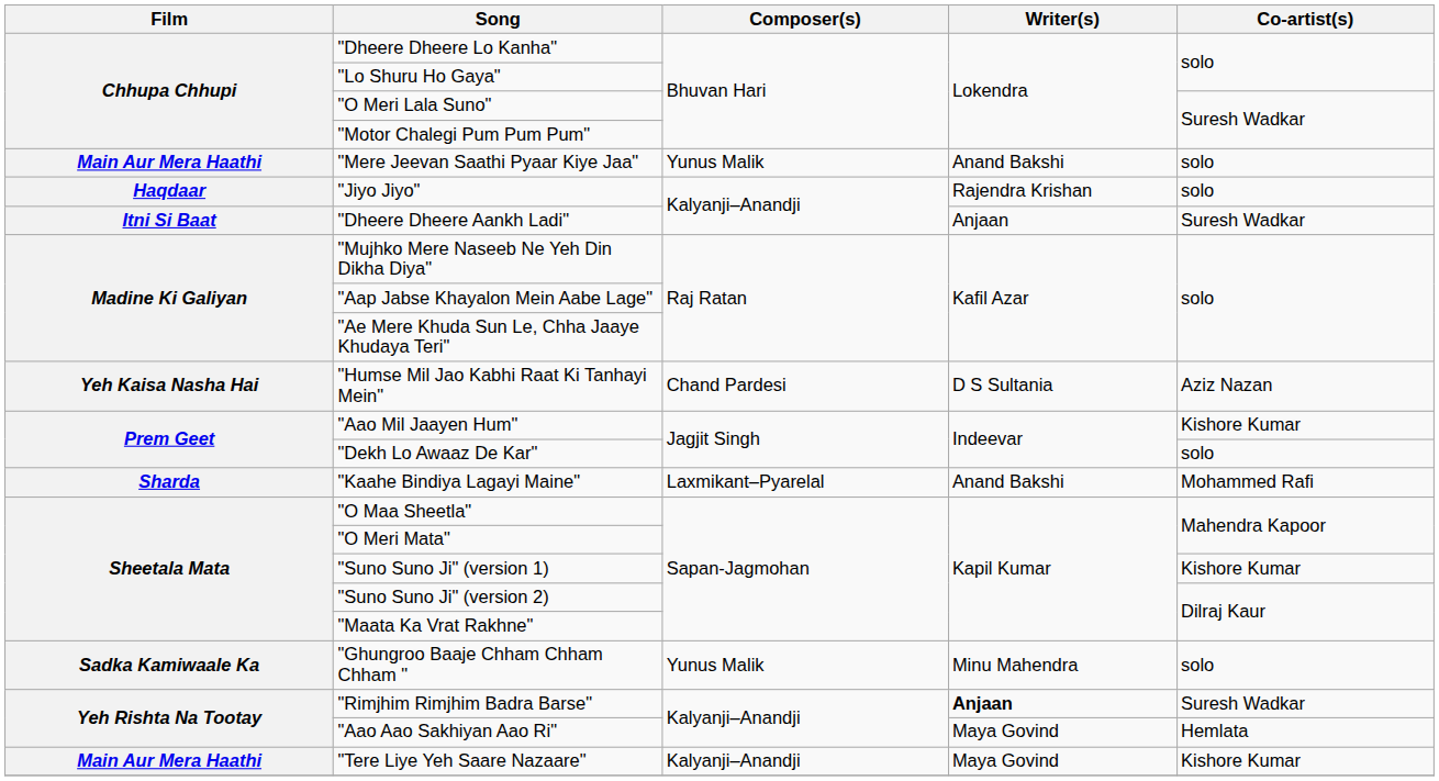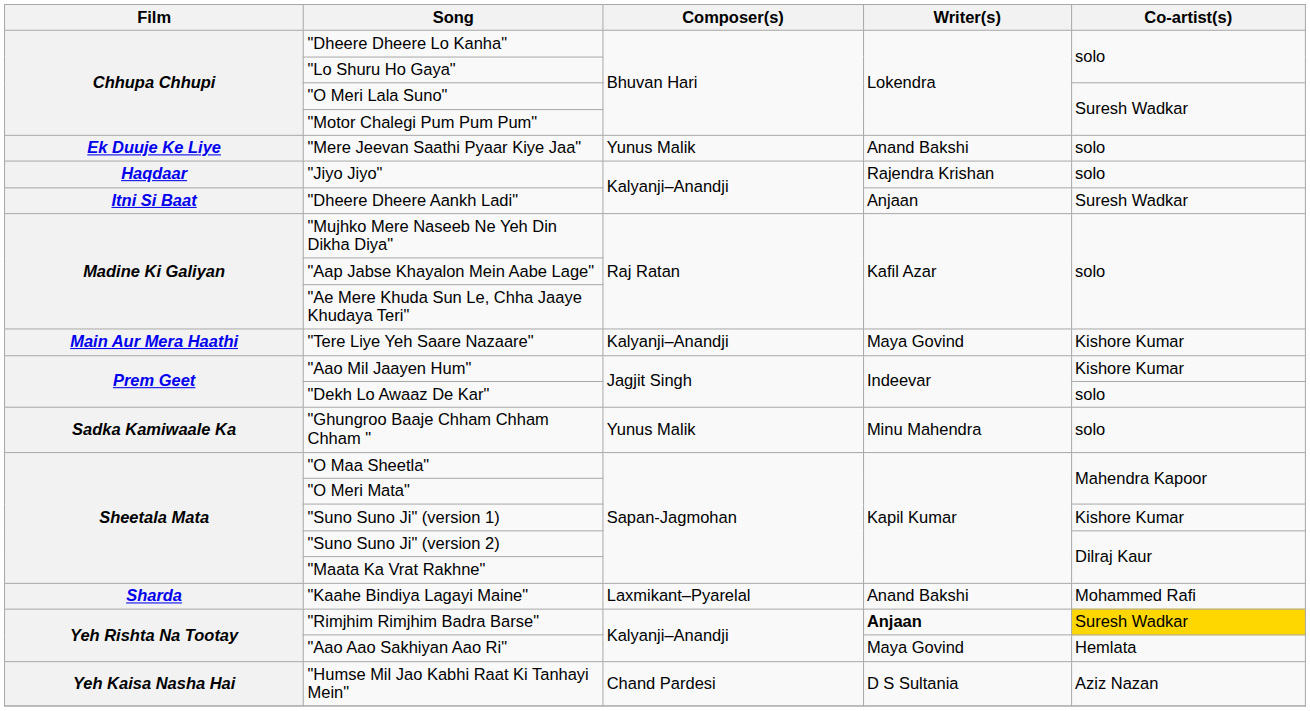 <table class="wikitable plainrowheaders" style="width:100%; textcolor:#000">
 <tr style="background:#b0e0e66;">
 <th scope="col" style="width:23%;"><strong>Film</strong></th>
 <th scope="col" style="width:23%;"><strong>Song</strong></th>
 <th scope="col" style="width:20%;"><strong>Composer(s)</strong></th>
 <th scope="col" style="width:16%;"><strong>Writer(s)</strong></th>
 <th scope="col" style="width:18%;"><strong>Co-artist(s)</strong></th>
 </tr>
 <tr>
 <th Rowspan=4><em>Chhupa Chhupi</em></th>
 <td>"Dheere Dheere Lo Kanha"</td>
 <td rowspan=4>Bhuvan Hari</td>
 <td rowspan=4>Lokendra</td>
 <td rowspan=2>solo</td>
 </tr>
 <tr>
 <td>"Lo Shuru Ho Gaya"</td>
 </tr>
 <tr>
 <td>"O Meri Lala Suno"</td>
 <td Rowspan=2>Suresh Wadkar</td>
 </tr>
 <tr>
 <td>"Motor Chalegi Pum Pum Pum"</td>
 </tr>
 <tr>
-<th><em><a href='#'>Main Aur Mera Haathi</a></em></th>
+<th><em><a href='#'>Ek Duuje Ke Liye</a></em></th>
 <td>"Mere Jeevan Saathi Pyaar Kiye Jaa"</td>
 <td>Yunus Malik</td>
 <td>Anand Bakshi</td>
 <td>solo</td>
 </tr>
 <tr>
 <th><em><a href='#'>Haqdaar</a></em></th>
 <td>"Jiyo Jiyo"</td>
 <td rowspan=2>Kalyanji–Anandji</td>
 <td>Rajendra Krishan</td>
 <td>solo</td>
 </tr>
 <tr>
 <th><em><a href='#'>Itni Si Baat</a></em></th>
 <td>"Dheere Dheere Aankh Ladi"</td>
 <td>Anjaan</td>
 <td>Suresh Wadkar</td>
 </tr>
 <tr>
 <th Rowspan=3><em>Madine Ki Galiyan</em></th>
 <td>"Mujhko Mere Naseeb Ne Yeh Din Dikha Diya"</td>
 <td rowspan=3>Raj Ratan</td>
 <td rowspan=3>Kafil Azar</td>
 <td rowspan=3>solo</td>
 </tr>
 <tr>
 <td>"Aap Jabse Khayalon Mein Aabe Lage"</td>
 </tr>
 <tr>
 <td>"Ae Mere Khuda Sun Le, Chha Jaaye Khudaya Teri"</td>
 </tr>
 <tr>
-<th><em>Yeh Kaisa Nasha Hai</em></th>
-<td>"Humse Mil Jao Kabhi Raat Ki Tanhayi Mein"</td>
-<td>Chand Pardesi</td>
-<td>D S Sultania</td>
-<td>Aziz Nazan</td>
+<th><em><a href='#'>Main Aur Mera Haathi</a></em></th>
+<td>"Tere Liye Yeh Saare Nazaare"</td>
+<td>Kalyanji–Anandji</td>
+<td>Maya Govind</td>
+<td>Kishore Kumar</td>
 </tr>
 <tr>
 <th Rowspan=2><em><a href='#'>Prem Geet</a></em></th>
 <td>"Aao Mil Jaayen Hum"</td>
 <td rowspan=2>Jagjit Singh</td>
 <td Rowspan=2>Indeevar</td>
 <td rowspan=>Kishore Kumar</td>
 </tr>
 <tr>
 <td>"Dekh Lo Awaaz De Kar"</td>
 <td>solo</td>
 </tr>
 <tr>
-<th><em><a href='#'>Sharda</a></em></th>
-<td>"Kaahe Bindiya Lagayi Maine"</td>
-<td>Laxmikant–Pyarelal</td>
-<td>Anand Bakshi</td>
-<td>Mohammed Rafi</td>
+<th><em>Sadka Kamiwaale Ka</em></th>
+<td>"Ghungroo Baaje Chham Chham Chham "</td>
+<td>Yunus Malik</td>
+<td>Minu Mahendra</td>
+<td>solo</td>
 </tr>
 <tr>
 <th Rowspan=5><em>Sheetala Mata</em></th>
 <td>"O Maa Sheetla"</td>
 <td rowspan=5>Sapan-Jagmohan</td>
 <td rowspan=5>Kapil Kumar</td>
 <td rowspan=2>Mahendra Kapoor</td>
 </tr>
 <tr>
 <td>"O Meri Mata"</td>
 </tr>
 <tr>
 <td>"Suno Suno Ji" (version 1)</td>
 <td rowspan=>Kishore Kumar</td>
 </tr>
 <tr>
 <td>"Suno Suno Ji" (version 2)</td>
 <td Rowspan=2>Dilraj Kaur</td>
 </tr>
 <tr>
 <td>"Maata Ka Vrat Rakhne"</td>
 </tr>
 <tr>
-<th><em>Sadka Kamiwaale Ka</em></th>
-<td>"Ghungroo Baaje Chham Chham Chham "</td>
-<td>Yunus Malik</td>
-<td>Minu Mahendra</td>
-<td>solo</td>
+<th><em><a href='#'>Sharda</a></em></th>
+<td>"Kaahe Bindiya Lagayi Maine"</td>
+<td>Laxmikant–Pyarelal</td>
+<td>Anand Bakshi</td>
+<td>Mohammed Rafi</td>
 </tr>
 <tr>
 <th Rowspan=2><em>Yeh Rishta Na Tootay</em></th>
 <td>"Rimjhim Rimjhim Badra Barse"</td>
 <td rowspan=2>Kalyanji–Anandji</td>
 <td><strong>Anjaan</strong></td>
-<td>Suresh Wadkar</td>
+<td style="background: gold;">Suresh Wadkar</td>
 </tr>
 <tr>
 <td>"Aao Aao Sakhiyan Aao Ri"</td>
 <td>Maya Govind</td>
 <td>Hemlata</td>
 </tr>
 <tr>
-<th><em><a href='#'>Main Aur Mera Haathi</a></em></th>
-<td>"Tere Liye Yeh Saare Nazaare"</td>
-<td>Kalyanji–Anandji</td>
-<td>Maya Govind</td>
-<td>Kishore Kumar</td>
+<th><em>Yeh Kaisa Nasha Hai</em></th>
+<td>"Humse Mil Jao Kabhi Raat Ki Tanhayi Mein"</td>
+<td>Chand Pardesi</td>
+<td>D S Sultania</td>
+<td>Aziz Nazan</td>
 </tr>
 <tr>
 </tr>
 </table>
